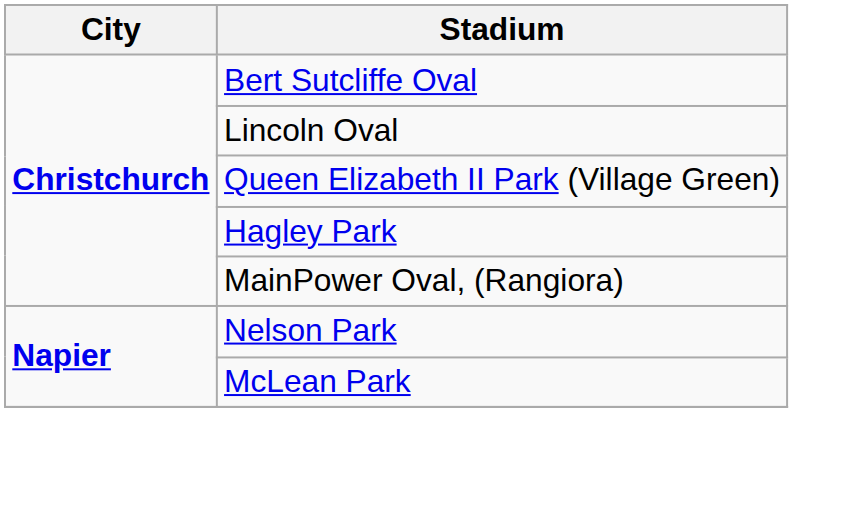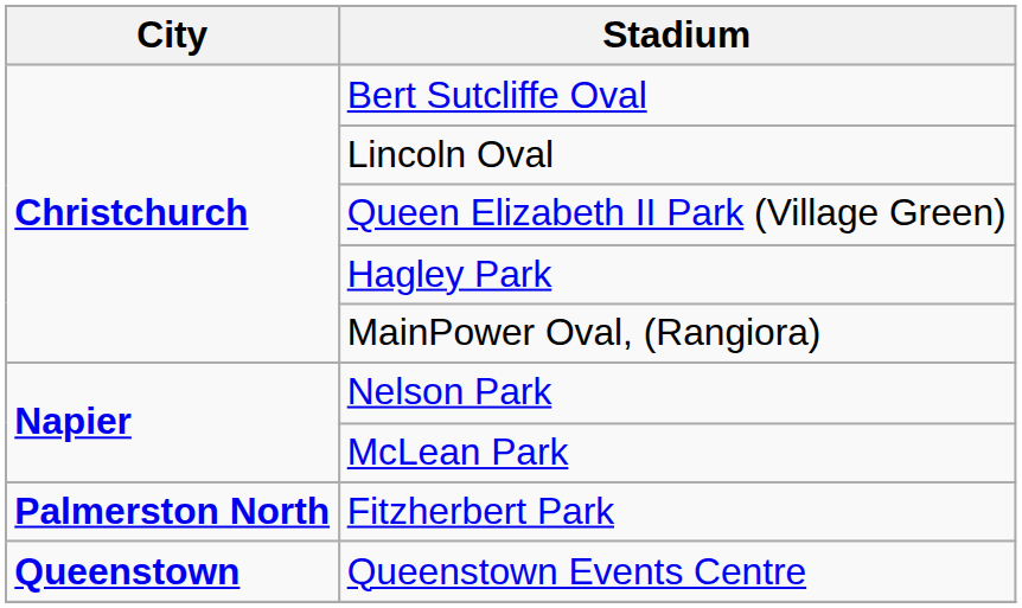 <table class="wikitable" style="align:left">
 <tr>
 <th>City</th>
 <th>Stadium</th>
 </tr>
 <tr>
 <td rowspan=5><strong><a href='#'>Christchurch</a></strong></td>
 <td><a href='#'>Bert Sutcliffe Oval</a></td>
 </tr>
 <tr>
 <td>Lincoln Oval</td>
 </tr>
 <tr>
 <td><a href='#'>Queen Elizabeth II Park</a> (Village Green)</td>
 </tr>
 <tr>
 <td><a href='#'>Hagley Park</a></td>
 </tr>
 <tr>
 <td>MainPower Oval, (Rangiora)</td>
 </tr>
 <tr>
 <td rowspan=2><strong><a href='#'>Napier</a></strong></td>
 <td><a href='#'>Nelson Park</a></td>
 </tr>
 <tr>
 <td><a href='#'>McLean Park</a></td>
 </tr>
 <tr>
+<td rowspan=1><strong><a href='#'>Palmerston North</a></strong></td>
+<td><a href='#'>Fitzherbert Park</a></td>
+</tr>
+<tr>
+<td rowspan=1><strong><a href='#'>Queenstown</a></strong></td>
+<td><a href='#'>Queenstown Events Centre</a></td>
+</tr>
+<tr>
 </tr>
 </table>
